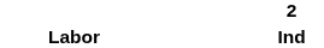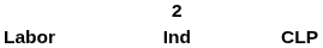 <table style="width:60%; text-align:center;">
 <tr style="color:white;">
 <td style="background:"><strong>19</strong></td>
 <td style="color:black; background:"><strong>2</strong></td>
+<td style="background:"><strong>4</strong></td>
 </tr>
 <tr>
 <td><span><strong>Labor</strong></span></td>
 <td><span><strong>Ind</strong></span></td>
+<td><span><strong>CLP</strong></span></td>
 </tr>
 </table>
